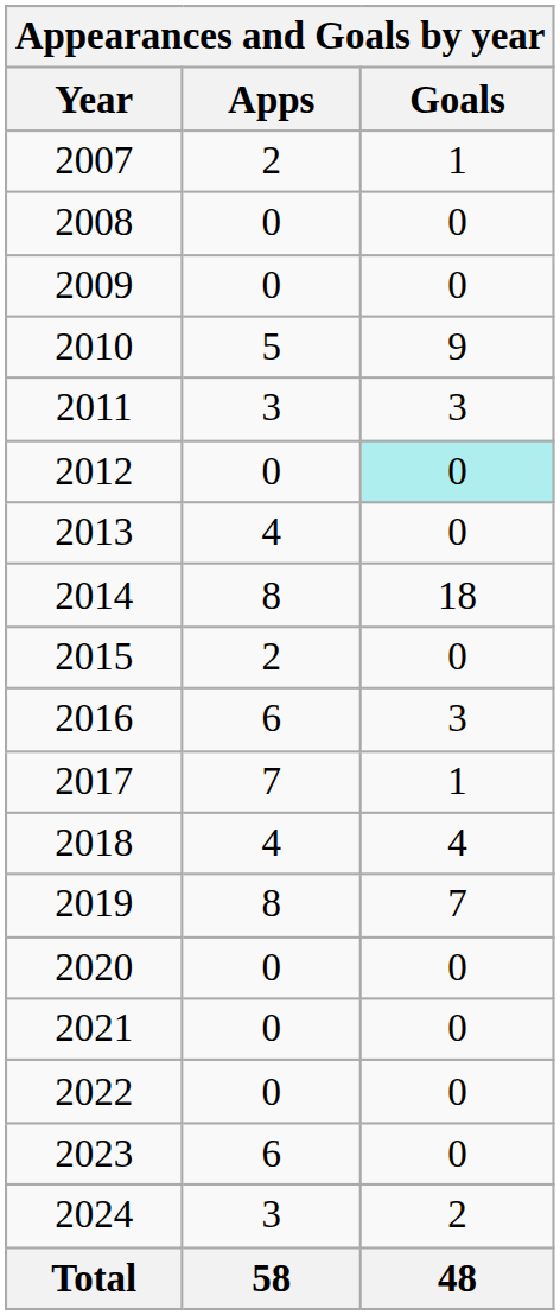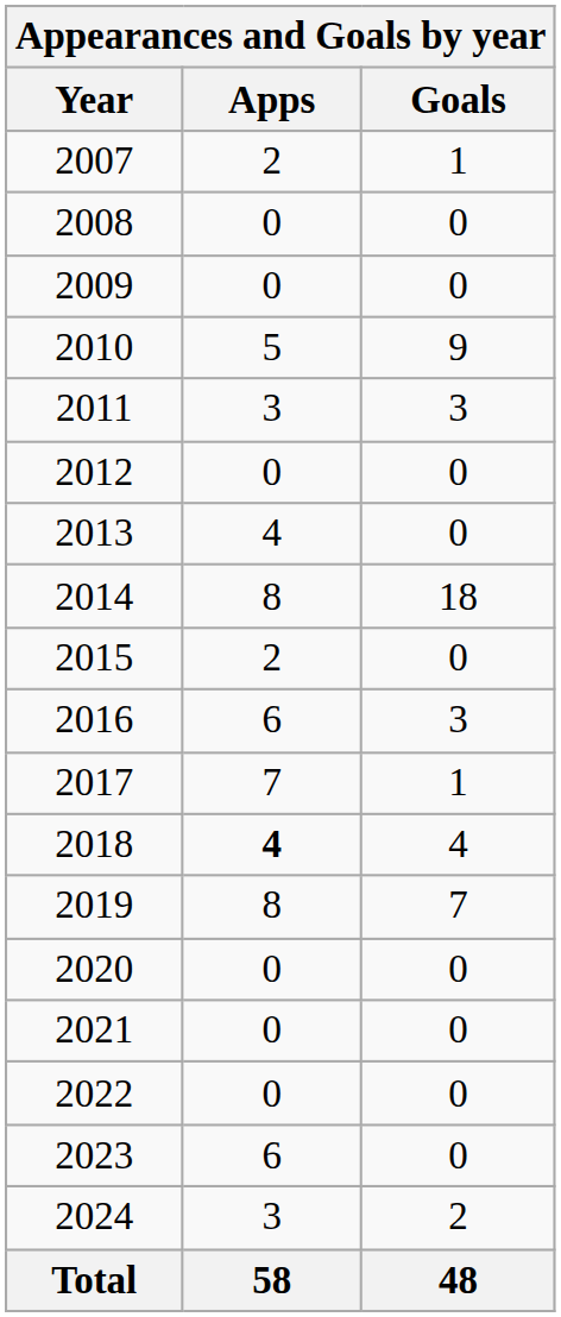 <table class="wikitable sortable" style="text-align:center">
 <tr>
 <th colspan=3>Appearances and Goals by year</th>
 </tr>
 <tr>
 <th>Year</th>
 <th>Apps</th>
 <th>Goals</th>
 </tr>
 <tr>
 <td>2007</td>
 <td>2</td>
 <td>1</td>
 </tr>
 <tr>
 <td>2008</td>
 <td>0</td>
 <td>0</td>
 </tr>
 <tr>
 <td>2009</td>
 <td>0</td>
 <td>0</td>
 </tr>
 <tr>
 <td>2010</td>
 <td>5</td>
 <td>9</td>
 </tr>
 <tr>
 <td>2011</td>
 <td>3</td>
 <td>3</td>
 </tr>
 <tr>
 <td>2012</td>
 <td>0</td>
-<td style="background: paleturquoise;">0</td>
+<td>0</td>
 </tr>
 <tr>
 <td>2013</td>
 <td>4</td>
 <td>0</td>
 </tr>
 <tr>
 <td>2014</td>
 <td>8</td>
 <td>18</td>
 </tr>
 <tr>
 <td>2015</td>
 <td>2</td>
 <td>0</td>
 </tr>
 <tr>
 <td>2016</td>
 <td>6</td>
 <td>3</td>
 </tr>
 <tr>
 <td>2017</td>
 <td>7</td>
 <td>1</td>
 </tr>
 <tr>
 <td>2018</td>
-<td>4</td>
+<td><strong>4</strong></td>
 <td>4</td>
 </tr>
 <tr>
 <td>2019</td>
 <td>8</td>
 <td>7</td>
 </tr>
 <tr>
 <td>2020</td>
 <td>0</td>
 <td>0</td>
 </tr>
 <tr>
 <td>2021</td>
 <td>0</td>
 <td>0</td>
 </tr>
 <tr>
 <td>2022</td>
 <td>0</td>
 <td>0</td>
 </tr>
 <tr>
 <td>2023</td>
 <td>6</td>
 <td>0</td>
 </tr>
 <tr>
 <td>2024</td>
 <td>3</td>
 <td>2</td>
 </tr>
 <tr>
 <th>Total</th>
 <th>58</th>
 <th>48</th>
 </tr>
 </table>
